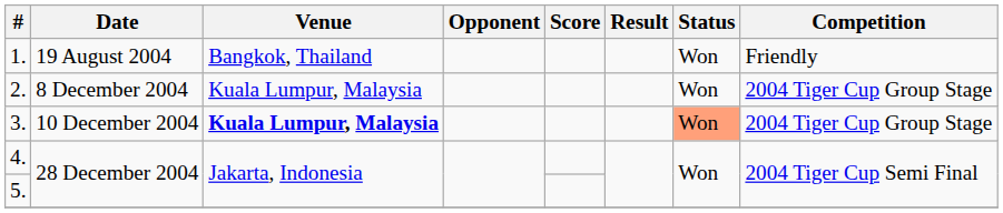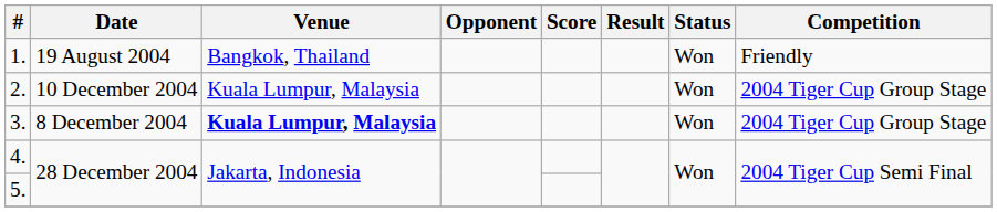 <table class="wikitable">
 <tr>
 <th>#</th>
 <th>Date</th>
 <th>Venue</th>
 <th>Opponent</th>
 <th>Score</th>
 <th>Result</th>
 <th>Status</th>
 <th>Competition</th>
 </tr>
 <tr>
 <td>1.</td>
 <td>19 August 2004</td>
 <td><a href='#'>Bangkok</a>, <a href='#'>Thailand</a></td>
 <td></td>
 <td></td>
 <td></td>
 <td>Won</td>
 <td>Friendly</td>
 </tr>
 <tr>
 <td>2.</td>
-<td>8 December 2004</td>
+<td>10 December 2004</td>
 <td><a href='#'>Kuala Lumpur</a>, <a href='#'>Malaysia</a></td>
 <td></td>
 <td></td>
 <td></td>
 <td>Won</td>
 <td><a href='#'>2004 Tiger Cup</a> Group Stage</td>
 </tr>
 <tr>
 <td>3.</td>
-<td>10 December 2004</td>
+<td>8 December 2004</td>
 <td><strong><a href='#'>Kuala Lumpur</a>, <a href='#'>Malaysia</a></strong></td>
 <td></td>
 <td></td>
 <td></td>
-<td style="background: lightsalmon;">Won</td>
+<td>Won</td>
 <td><a href='#'>2004 Tiger Cup</a> Group Stage</td>
 </tr>
 <tr>
 <td>4.</td>
 <td rowspan="2">28 December 2004</td>
 <td rowspan="2"><a href='#'>Jakarta</a>, <a href='#'>Indonesia</a></td>
 <td rowspan="2"></td>
 <td></td>
 <td rowspan="2"></td>
 <td rowspan="2">Won</td>
 <td rowspan="2"><a href='#'>2004 Tiger Cup</a> Semi Final</td>
 </tr>
 <tr>
 <td>5.</td>
 <td></td>
 </tr>
 <tr>
 </tr>
 </table>
